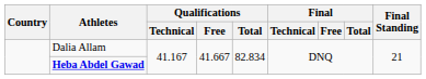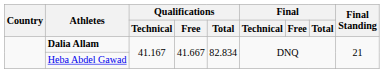 <table class="wikitable " style="text-align:center">
 <tr>
 <th rowspan="2">Country</th>
 <th rowspan="2">Athletes</th>
 <th colspan="3">Qualifications</th>
 <th colspan="3">Final</th>
 <th rowspan="2">Final<br>Standing</th>
 </tr>
 <tr>
 <th>Technical</th>
 <th>Free</th>
 <th>Total</th>
 <th>Technical</th>
 <th>Free</th>
 <th>Total</th>
 </tr>
 <tr>
 <td rowspan="2"></td>
-<td align=left>Dalia Allam</td>
+<td align=left><strong>Dalia Allam</strong></td>
 <td rowspan="2">41.167</td>
 <td rowspan="2">41.667</td>
 <td rowspan="2">82.834</td>
 <td colspan="3" rowspan="2">DNQ</td>
 <td rowspan="2">21</td>
 </tr>
 <tr>
-<td align=left><strong><a href='#'>Heba Abdel Gawad</a></strong></td>
+<td align=left><a href='#'>Heba Abdel Gawad</a></td>
 </tr>
 </table>
